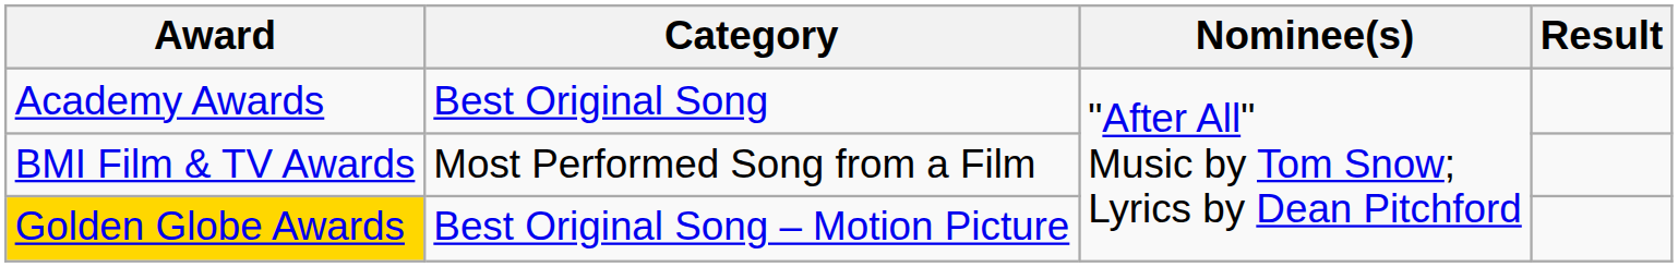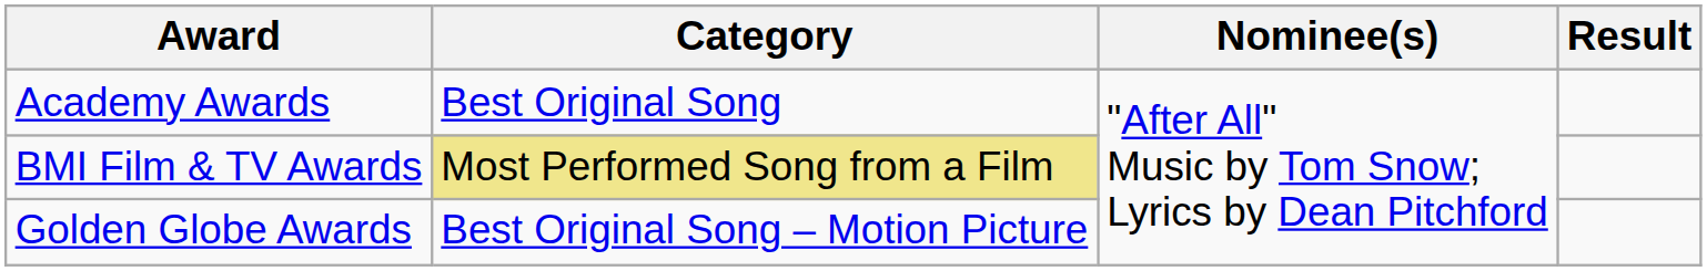 <table class="wikitable plainrowheaders">
 <tr>
 <th>Award</th>
 <th>Category</th>
 <th>Nominee(s)</th>
 <th>Result</th>
 </tr>
 <tr>
 <td><a href='#'>Academy Awards</a></td>
 <td><a href='#'>Best Original Song</a></td>
 <td rowspan="3">"<a href='#'>After All</a>" <br> Music by <a href='#'>Tom Snow</a>; <br> Lyrics by <a href='#'>Dean Pitchford</a></td>
 <td></td>
 </tr>
 <tr>
 <td><a href='#'>BMI Film & TV Awards</a></td>
-<td>Most Performed Song from a Film</td>
+<td style="background: khaki;">Most Performed Song from a Film</td>
 <td></td>
 </tr>
 <tr>
-<td style="background: gold;"><a href='#'>Golden Globe Awards</a></td>
+<td><a href='#'>Golden Globe Awards</a></td>
 <td><a href='#'>Best Original Song – Motion Picture</a></td>
 <td></td>
 </tr>
 </table>
